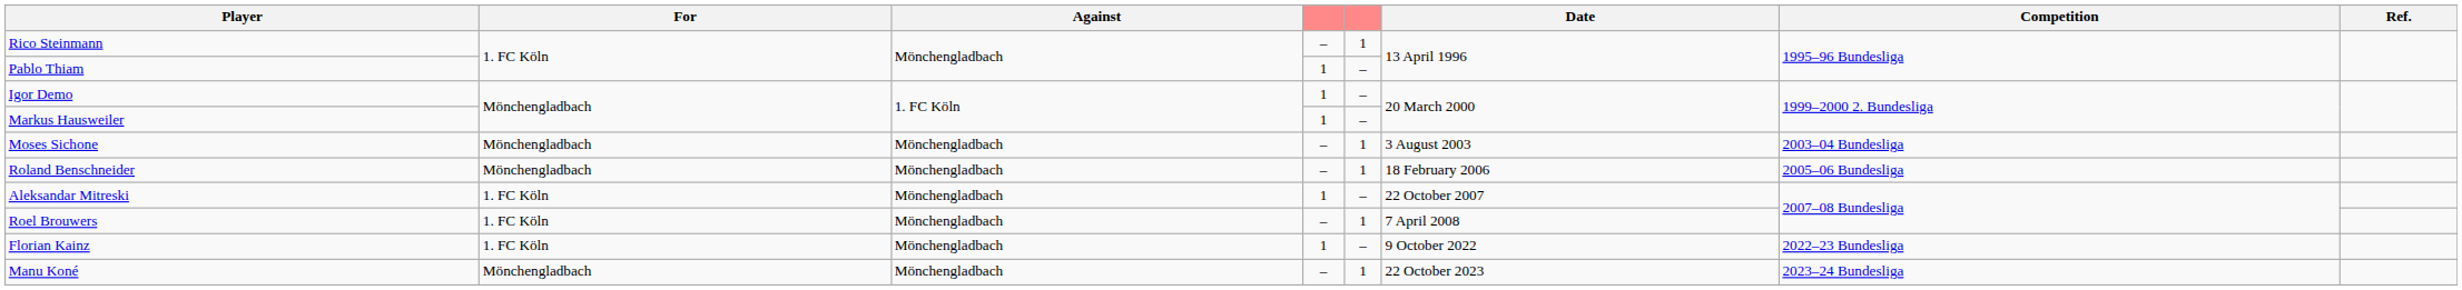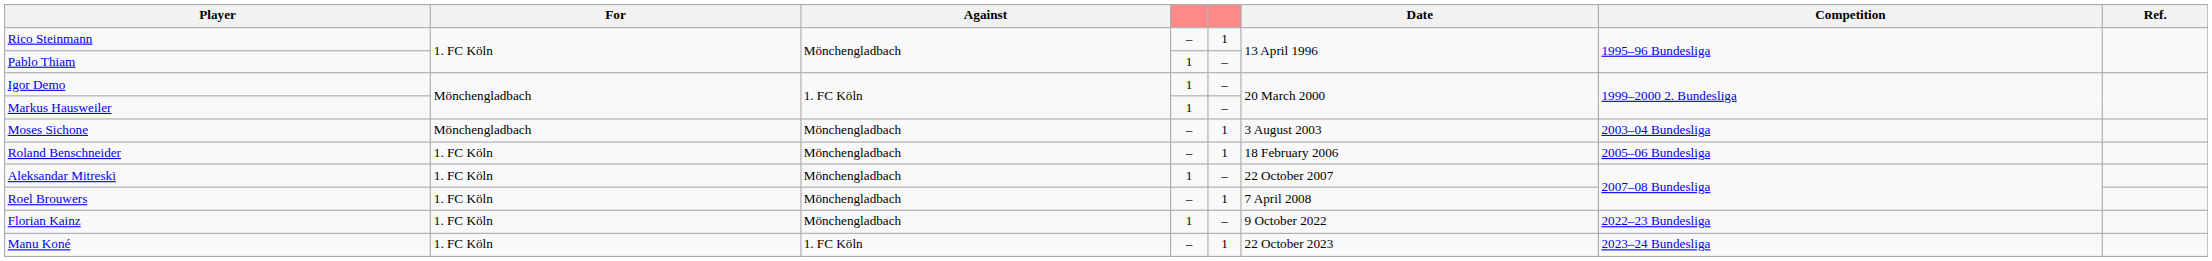 <table class="wikitable" style="text-align: left; width: 101%; font-size: 12px">
 <tr>
 <th>Player</th>
 <th>For</th>
 <th>Against</th>
 <th ! style="width:28px; background:#ff8888;"></th>
 <th ! style="width:25px; background:#ff8888;"></th>
 <th>Date</th>
 <th>Competition</th>
 <th>Ref.</th>
 </tr>
 <tr>
 <td> <a href='#'>Rico Steinmann</a></td>
 <td rowspan=2>1. FC Köln</td>
 <td rowspan=2>Mönchengladbach</td>
 <td style="text-align: center">–</td>
 <td style="text-align: center">1</td>
 <td rowspan=2>13 April 1996</td>
 <td rowspan=2><a href='#'>1995–96 Bundesliga</a></td>
 <td rowspan=2></td>
 </tr>
 <tr>
 <td> <a href='#'>Pablo Thiam</a></td>
 <td style="text-align: center">1</td>
 <td style="text-align: center">–</td>
 </tr>
 <tr>
 <td> <a href='#'>Igor Demo</a></td>
 <td rowspan=2>Mönchengladbach</td>
 <td rowspan=2>1. FC Köln</td>
 <td style="text-align: center">1</td>
 <td style="text-align: center">–</td>
 <td rowspan=2>20 March 2000</td>
 <td rowspan=2><a href='#'>1999–2000 2. Bundesliga</a></td>
 <td rowspan=2></td>
 </tr>
 <tr>
 <td> <a href='#'>Markus Hausweiler</a></td>
 <td style="text-align: center">1</td>
 <td style="text-align: center">–</td>
 </tr>
 <tr>
 <td> <a href='#'>Moses Sichone</a></td>
 <td>Mönchengladbach</td>
 <td>Mönchengladbach</td>
 <td style="text-align: center">–</td>
 <td style="text-align: center">1</td>
 <td>3 August 2003</td>
 <td><a href='#'>2003–04 Bundesliga</a></td>
 <td></td>
 </tr>
 <tr>
 <td> <a href='#'>Roland Benschneider</a></td>
-<td>Mönchengladbach</td>
+<td>1. FC Köln</td>
 <td>Mönchengladbach</td>
 <td style="text-align: center">–</td>
 <td style="text-align: center">1</td>
 <td>18 February 2006</td>
 <td><a href='#'>2005–06 Bundesliga</a></td>
 <td></td>
 </tr>
 <tr>
 <td> <a href='#'>Aleksandar Mitreski</a></td>
 <td>1. FC Köln</td>
 <td>Mönchengladbach</td>
 <td style="text-align: center">1</td>
 <td style="text-align: center">–</td>
 <td>22 October 2007</td>
 <td rowspan=2><a href='#'>2007–08 Bundesliga</a></td>
 <td></td>
 </tr>
 <tr>
 <td> <a href='#'>Roel Brouwers</a></td>
 <td>1. FC Köln</td>
 <td>Mönchengladbach</td>
 <td style="text-align: center">–</td>
 <td style="text-align: center">1</td>
 <td>7 April 2008</td>
 <td></td>
 </tr>
 <tr>
 <td> <a href='#'>Florian Kainz</a></td>
 <td>1. FC Köln</td>
 <td>Mönchengladbach</td>
 <td style="text-align: center">1</td>
 <td style="text-align: center">–</td>
 <td>9 October 2022</td>
 <td><a href='#'>2022–23 Bundesliga</a></td>
 <td></td>
 </tr>
 <tr>
 <td> <a href='#'>Manu Koné</a></td>
-<td>Mönchengladbach</td>
-<td>Mönchengladbach</td>
+<td>1. FC Köln</td>
+<td>1. FC Köln</td>
 <td style="text-align: center">–</td>
 <td style="text-align: center">1</td>
 <td>22 October 2023</td>
 <td><a href='#'>2023–24 Bundesliga</a></td>
 <td></td>
 </tr>
 </table>
